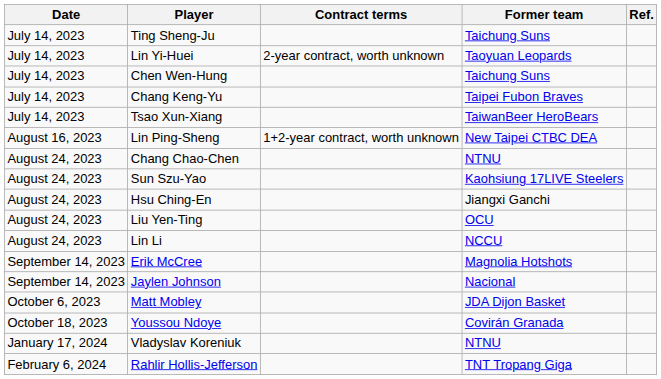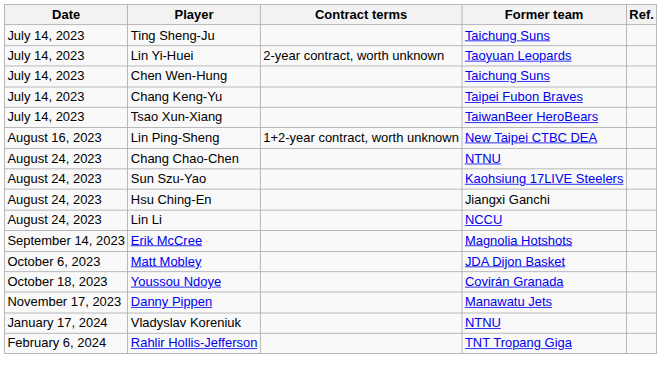 <table class="wikitable">
 <tr>
 <th>Date</th>
 <th>Player</th>
 <th>Contract terms</th>
 <th>Former team</th>
 <th>Ref.</th>
 </tr>
 <tr>
 <td>July 14, 2023</td>
 <td>Ting Sheng-Ju</td>
 <td></td>
 <td> <a href='#'>Taichung Suns</a></td>
 <td></td>
 </tr>
 <tr>
 <td>July 14, 2023</td>
 <td>Lin Yi-Huei</td>
 <td>2-year contract, worth unknown</td>
 <td> <a href='#'>Taoyuan Leopards</a></td>
 <td></td>
 </tr>
 <tr>
 <td>July 14, 2023</td>
 <td>Chen Wen-Hung</td>
 <td></td>
 <td> <a href='#'>Taichung Suns</a></td>
 <td></td>
 </tr>
 <tr>
 <td>July 14, 2023</td>
 <td>Chang Keng-Yu</td>
 <td></td>
 <td> <a href='#'>Taipei Fubon Braves</a></td>
 <td></td>
 </tr>
 <tr>
 <td>July 14, 2023</td>
 <td>Tsao Xun-Xiang</td>
 <td></td>
 <td> <a href='#'>TaiwanBeer HeroBears</a></td>
 <td></td>
 </tr>
 <tr>
 <td>August 16, 2023</td>
 <td>Lin Ping-Sheng</td>
 <td>1+2-year contract, worth unknown</td>
 <td> <a href='#'>New Taipei CTBC DEA</a></td>
 <td></td>
 </tr>
 <tr>
 <td>August 24, 2023</td>
 <td>Chang Chao-Chen</td>
 <td></td>
 <td> <a href='#'>NTNU</a></td>
 <td></td>
 </tr>
 <tr>
 <td>August 24, 2023</td>
 <td>Sun Szu-Yao</td>
 <td></td>
 <td> <a href='#'>Kaohsiung 17LIVE Steelers</a></td>
 <td></td>
 </tr>
 <tr>
 <td>August 24, 2023</td>
 <td>Hsu Ching-En</td>
 <td></td>
 <td> Jiangxi Ganchi</td>
 <td></td>
 </tr>
 <tr>
 <td>August 24, 2023</td>
-<td>Liu Yen-Ting</td>
-<td></td>
-<td> <a href='#'>OCU</a></td>
-<td></td>
-</tr>
-<tr>
-<td>August 24, 2023</td>
 <td>Lin Li</td>
 <td></td>
 <td> <a href='#'>NCCU</a></td>
 <td></td>
 </tr>
 <tr>
 <td>September 14, 2023</td>
 <td><a href='#'>Erik McCree</a></td>
 <td></td>
 <td> <a href='#'>Magnolia Hotshots</a></td>
-<td></td>
-</tr>
-<tr>
-<td>September 14, 2023</td>
-<td><a href='#'>Jaylen Johnson</a></td>
-<td></td>
-<td> <a href='#'>Nacional</a></td>
 <td></td>
 </tr>
 <tr>
 <td>October 6, 2023</td>
 <td><a href='#'>Matt Mobley</a></td>
 <td></td>
 <td> <a href='#'>JDA Dijon Basket</a></td>
 <td></td>
 </tr>
 <tr>
 <td>October 18, 2023</td>
 <td><a href='#'>Youssou Ndoye</a></td>
 <td></td>
 <td> <a href='#'>Covirán Granada</a></td>
 <td></td>
 </tr>
 <tr>
+<td>November 17, 2023</td>
+<td><a href='#'>Danny Pippen</a></td>
+<td></td>
+<td> <a href='#'>Manawatu Jets</a></td>
+<td></td>
+</tr>
+<tr>
 <td>January 17, 2024</td>
 <td>Vladyslav Koreniuk</td>
 <td></td>
 <td> <a href='#'>NTNU</a></td>
 <td></td>
 </tr>
 <tr>
 <td>February 6, 2024</td>
 <td><a href='#'>Rahlir Hollis-Jefferson</a></td>
 <td></td>
 <td> <a href='#'>TNT Tropang Giga</a></td>
 <td></td>
 </tr>
 </table>
